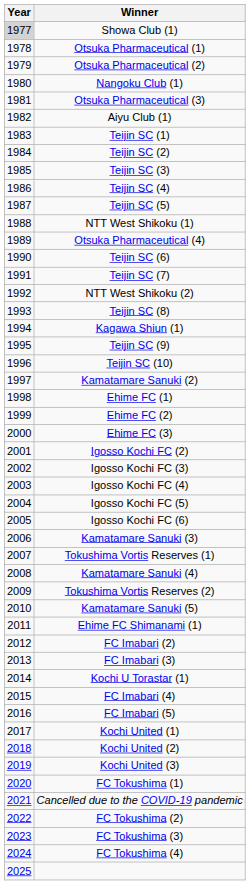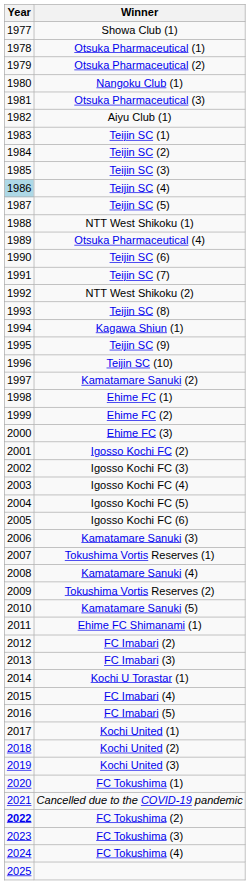 <table class="wikitable" style="text-align:center;">
 <tr>
 <th>Year</th>
 <th>Winner</th>
 </tr>
 <tr>
-<td style="background: lightgrey;">1977</td>
+<td>1977</td>
 <td>Showa Club (1)</td>
 </tr>
 <tr>
 <td>1978</td>
 <td><a href='#'>Otsuka Pharmaceutical</a> (1)</td>
 </tr>
 <tr>
 <td>1979</td>
 <td><a href='#'>Otsuka Pharmaceutical</a> (2)</td>
 </tr>
 <tr>
 <td>1980</td>
 <td><a href='#'>Nangoku Club</a> (1)</td>
 </tr>
 <tr>
 <td>1981</td>
 <td><a href='#'>Otsuka Pharmaceutical</a> (3)</td>
 </tr>
 <tr>
 <td>1982</td>
 <td>Aiyu Club (1)</td>
 </tr>
 <tr>
 <td>1983</td>
 <td><a href='#'>Teijin SC</a> (1)</td>
 </tr>
 <tr>
 <td>1984</td>
 <td><a href='#'>Teijin SC</a> (2)</td>
 </tr>
 <tr>
 <td>1985</td>
 <td><a href='#'>Teijin SC</a> (3)</td>
 </tr>
 <tr>
-<td>1986</td>
+<td style="background: lightblue;">1986</td>
 <td><a href='#'>Teijin SC</a> (4)</td>
 </tr>
 <tr>
 <td>1987</td>
 <td><a href='#'>Teijin SC</a> (5)</td>
 </tr>
 <tr>
 <td>1988</td>
 <td>NTT West Shikoku (1)</td>
 </tr>
 <tr>
 <td>1989</td>
 <td><a href='#'>Otsuka Pharmaceutical</a> (4)</td>
 </tr>
 <tr>
 <td>1990</td>
 <td><a href='#'>Teijin SC</a> (6)</td>
 </tr>
 <tr>
 <td>1991</td>
 <td><a href='#'>Teijin SC</a> (7)</td>
 </tr>
 <tr>
 <td>1992</td>
 <td>NTT West Shikoku (2)</td>
 </tr>
 <tr>
 <td>1993</td>
 <td><a href='#'>Teijin SC</a> (8)</td>
 </tr>
 <tr>
 <td>1994</td>
 <td><a href='#'>Kagawa Shiun</a> (1)</td>
 </tr>
 <tr>
 <td>1995</td>
 <td><a href='#'>Teijin SC</a> (9)</td>
 </tr>
 <tr>
 <td>1996</td>
 <td><a href='#'>Teijin SC</a> (10)</td>
 </tr>
 <tr>
 <td>1997</td>
 <td><a href='#'>Kamatamare Sanuki</a> (2)</td>
 </tr>
 <tr>
 <td>1998</td>
 <td><a href='#'>Ehime FC</a> (1)</td>
 </tr>
 <tr>
 <td>1999</td>
 <td><a href='#'>Ehime FC</a> (2)</td>
 </tr>
 <tr>
 <td>2000</td>
 <td><a href='#'>Ehime FC</a> (3)</td>
 </tr>
 <tr>
 <td>2001</td>
 <td><a href='#'>Igosso Kochi FC</a> (2)</td>
 </tr>
 <tr>
 <td>2002</td>
 <td>Igosso Kochi FC (3)</td>
 </tr>
 <tr>
 <td>2003</td>
 <td>Igosso Kochi FC (4)</td>
 </tr>
 <tr>
 <td>2004</td>
 <td>Igosso Kochi FC (5)</td>
 </tr>
 <tr>
 <td>2005</td>
 <td>Igosso Kochi FC (6)</td>
 </tr>
 <tr>
 <td>2006</td>
 <td><a href='#'>Kamatamare Sanuki</a> (3)</td>
 </tr>
 <tr>
 <td>2007</td>
 <td><a href='#'>Tokushima Vortis</a> Reserves (1)</td>
 </tr>
 <tr>
 <td>2008</td>
 <td><a href='#'>Kamatamare Sanuki</a> (4)</td>
 </tr>
 <tr>
 <td>2009</td>
 <td><a href='#'>Tokushima Vortis</a> Reserves (2)</td>
 </tr>
 <tr>
 <td>2010</td>
 <td><a href='#'>Kamatamare Sanuki</a> (5)</td>
 </tr>
 <tr>
 <td>2011</td>
 <td><a href='#'>Ehime FC Shimanami</a> (1)</td>
 </tr>
 <tr>
 <td>2012</td>
 <td><a href='#'>FC Imabari</a> (2)</td>
 </tr>
 <tr>
 <td>2013</td>
 <td><a href='#'>FC Imabari</a> (3)</td>
 </tr>
 <tr>
 <td>2014</td>
 <td><a href='#'>Kochi U Torastar</a> (1)</td>
 </tr>
 <tr>
 <td>2015</td>
 <td><a href='#'>FC Imabari</a> (4)</td>
 </tr>
 <tr>
 <td>2016</td>
 <td><a href='#'>FC Imabari</a> (5)</td>
 </tr>
 <tr>
 <td>2017</td>
 <td><a href='#'>Kochi United</a> (1)</td>
 </tr>
 <tr>
 <td><a href='#'>2018</a></td>
 <td><a href='#'>Kochi United</a> (2)</td>
 </tr>
 <tr>
 <td><a href='#'>2019</a></td>
 <td><a href='#'>Kochi United</a> (3)</td>
 </tr>
 <tr>
 <td><a href='#'>2020</a></td>
 <td><a href='#'>FC Tokushima</a> (1)</td>
 </tr>
 <tr>
 <td><a href='#'>2021</a></td>
 <td><em>Cancelled due to the <a href='#'>COVID-19</a> pandemic</em></td>
 </tr>
 <tr>
-<td><a href='#'>2022</a></td>
+<td><strong><a href='#'>2022</a></strong></td>
 <td><a href='#'>FC Tokushima</a> (2)</td>
 </tr>
 <tr>
 <td><a href='#'>2023</a></td>
 <td><a href='#'>FC Tokushima</a> (3)</td>
 </tr>
 <tr>
 <td><a href='#'>2024</a></td>
 <td><a href='#'>FC Tokushima</a> (4)</td>
 </tr>
 <tr>
 <td><a href='#'>2025</a></td>
 <td></td>
 </tr>
 </table>
